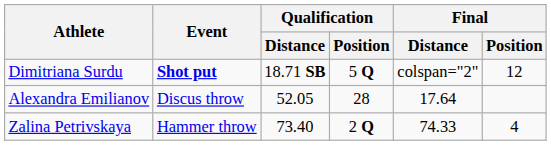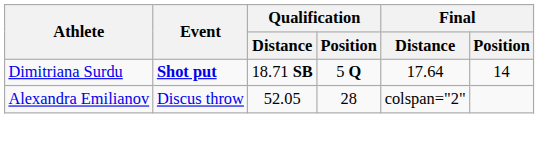 <table class="wikitable" style="font-size:90%">
 <tr>
 <th rowspan="2">Athlete</th>
 <th rowspan="2">Event</th>
 <th colspan="2">Qualification</th>
 <th colspan="2">Final</th>
 </tr>
 <tr>
 <th>Distance</th>
 <th>Position</th>
 <th>Distance</th>
 <th>Position</th>
 </tr>
 <tr style=text-align:center>
 <td style=text-align:left><a href='#'>Dimitriana Surdu</a></td>
 <td style=text-align:left><strong><a href='#'>Shot put</a></strong></td>
 <td>18.71 <strong>SB</strong></td>
 <td>5 <strong>Q</strong></td>
-<td>colspan="2" </td>
-<td>12</td>
+<td>17.64</td>
+<td>14</td>
 </tr>
 <tr style=text-align:center>
 <td style=text-align:left><a href='#'>Alexandra Emilianov</a></td>
 <td style=text-align:left><a href='#'>Discus throw</a></td>
 <td>52.05</td>
 <td>28</td>
-<td>17.64</td>
-</tr>
-<tr style=text-align:center>
-<td style=text-align:left><a href='#'>Zalina Petrivskaya</a></td>
-<td style=text-align:left><a href='#'>Hammer throw</a></td>
-<td>73.40</td>
-<td>2 <strong>Q</strong></td>
-<td>74.33</td>
-<td>4</td>
+<td>colspan="2" </td>
 </tr>
 </table>
